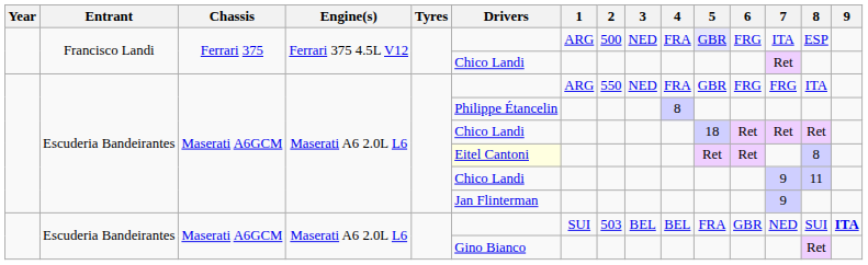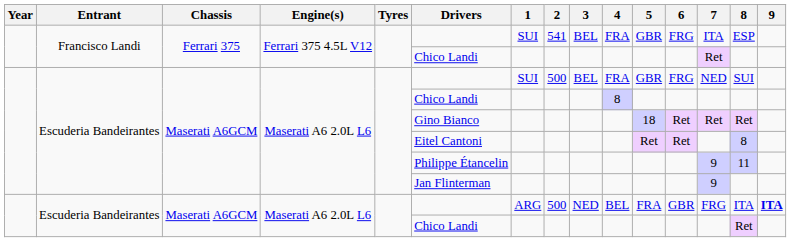 <table class="wikitable" style="text-align:center; font-size:85%">
 <tr>
 <th>Year</th>
 <th>Entrant</th>
 <th>Chassis</th>
 <th>Engine(s)</th>
 <th>Tyres</th>
 <th>Drivers</th>
 <th>1</th>
 <th>2</th>
 <th>3</th>
 <th>4</th>
 <th>5</th>
 <th>6</th>
 <th>7</th>
 <th>8</th>
 <th>9</th>
 </tr>
 <tr>
 <td rowspan="2"></td>
 <td rowspan="2">Francisco Landi</td>
 <td rowspan="2"><a href='#'>Ferrari</a> <a href='#'>375</a></td>
 <td rowspan="2"><a href='#'>Ferrari</a> 375 4.5L <a href='#'>V12</a></td>
 <td rowspan="2"></td>
 <td></td>
-<td><a href='#'>ARG</a></td>
-<td><a href='#'>500</a></td>
-<td><a href='#'>NED</a></td>
+<td><a href='#'>SUI</a></td>
+<td><a href='#'>541</a></td>
+<td><a href='#'>BEL</a></td>
 <td><a href='#'>FRA</a></td>
-<td style="background: lavender;"><a href='#'>GBR</a></td>
+<td><a href='#'>GBR</a></td>
 <td><a href='#'>FRG</a></td>
 <td><a href='#'>ITA</a></td>
 <td><a href='#'>ESP</a></td>
 <td></td>
 </tr>
 <tr>
 <td align="left"> <a href='#'>Chico Landi</a></td>
 <td></td>
 <td></td>
 <td></td>
 <td></td>
 <td></td>
 <td></td>
 <td style="background:#EFCFFF;">Ret</td>
 <td></td>
 <td></td>
 </tr>
 <tr>
 <td rowspan="6"></td>
 <td rowspan="6">Escuderia Bandeirantes</td>
 <td rowspan="6"><a href='#'>Maserati</a> <a href='#'>A6GCM</a></td>
 <td rowspan="6"><a href='#'>Maserati</a> A6 2.0L <a href='#'>L6</a></td>
 <td rowspan="6"></td>
 <td></td>
-<td><a href='#'>ARG</a></td>
-<td><a href='#'>550</a></td>
-<td><a href='#'>NED</a></td>
+<td><a href='#'>SUI</a></td>
+<td><a href='#'>500</a></td>
+<td><a href='#'>BEL</a></td>
 <td><a href='#'>FRA</a></td>
 <td><a href='#'>GBR</a></td>
 <td><a href='#'>FRG</a></td>
-<td><a href='#'>FRG</a></td>
-<td><a href='#'>ITA</a></td>
+<td><a href='#'>NED</a></td>
+<td><a href='#'>SUI</a></td>
 <td></td>
 </tr>
 <tr>
-<td align="left"> <a href='#'>Philippe Étancelin</a></td>
+<td align="left"> <a href='#'>Chico Landi</a></td>
 <td></td>
 <td></td>
 <td></td>
 <td style="background:#cfcfff;">8</td>
 <td></td>
 <td></td>
 <td></td>
 <td></td>
 <td></td>
 </tr>
 <tr>
-<td align="left"> <a href='#'>Chico Landi</a></td>
+<td align="left"> <a href='#'>Gino Bianco</a></td>
 <td></td>
 <td></td>
 <td></td>
 <td></td>
 <td style="background:#cfcfff;">18</td>
 <td style="background:#EFCFFF;">Ret</td>
 <td style="background:#EFCFFF;">Ret</td>
 <td style="background:#EFCFFF;">Ret</td>
 <td></td>
 </tr>
 <tr>
-<td align="left" style="background: lightyellow;"> <a href='#'>Eitel Cantoni</a></td>
+<td align="left"> <a href='#'>Eitel Cantoni</a></td>
 <td></td>
 <td></td>
 <td></td>
 <td></td>
 <td style="background:#EFCFFF;">Ret</td>
 <td style="background:#EFCFFF;">Ret</td>
 <td></td>
 <td style="background:#cfcfff;">8</td>
 <td></td>
 </tr>
 <tr>
-<td align="left"> <a href='#'>Chico Landi</a></td>
+<td align="left"> <a href='#'>Philippe Étancelin</a></td>
 <td></td>
 <td></td>
 <td></td>
 <td></td>
 <td></td>
 <td></td>
 <td style="background:#cfcfff;">9</td>
 <td style="background:#cfcfff;">11</td>
 <td></td>
 </tr>
 <tr>
 <td align="left"> <a href='#'>Jan Flinterman</a></td>
 <td></td>
 <td></td>
 <td></td>
 <td></td>
 <td></td>
 <td></td>
 <td style="background:#cfcfff;">9</td>
 <td></td>
 <td></td>
 </tr>
 <tr>
 <td rowspan="2"></td>
 <td rowspan="2">Escuderia Bandeirantes</td>
 <td rowspan="2"><a href='#'>Maserati</a> <a href='#'>A6GCM</a></td>
 <td rowspan="2"><a href='#'>Maserati</a> A6 2.0L <a href='#'>L6</a></td>
 <td rowspan="2"></td>
 <td></td>
-<td><a href='#'>SUI</a></td>
-<td><a href='#'>503</a></td>
-<td><a href='#'>BEL</a></td>
+<td><a href='#'>ARG</a></td>
+<td><a href='#'>500</a></td>
+<td><a href='#'>NED</a></td>
 <td><a href='#'>BEL</a></td>
 <td><a href='#'>FRA</a></td>
 <td><a href='#'>GBR</a></td>
-<td><a href='#'>NED</a></td>
-<td><a href='#'>SUI</a></td>
+<td><a href='#'>FRG</a></td>
+<td><a href='#'>ITA</a></td>
 <td><strong><a href='#'>ITA</a></strong></td>
 </tr>
 <tr>
-<td align="left"> <a href='#'>Gino Bianco</a></td>
+<td align="left"> <a href='#'>Chico Landi</a></td>
 <td></td>
 <td></td>
 <td></td>
 <td></td>
 <td></td>
 <td></td>
 <td></td>
 <td style="background:#EFCFFF;">Ret</td>
 <td></td>
 </tr>
 </table>
